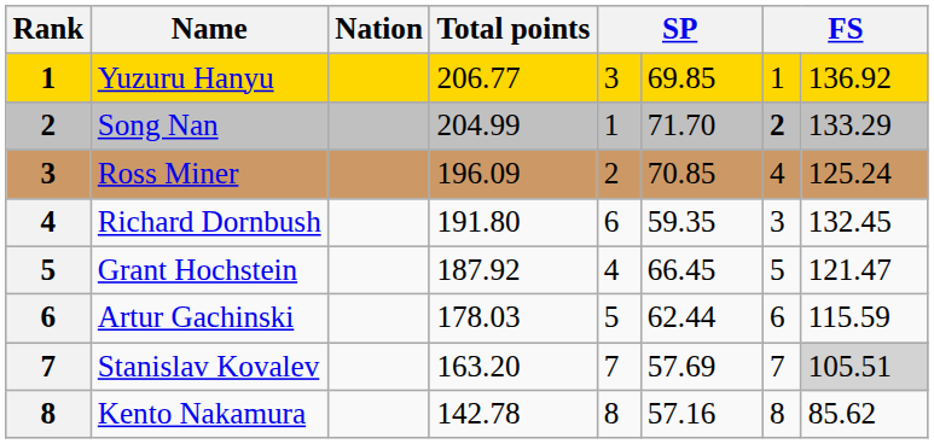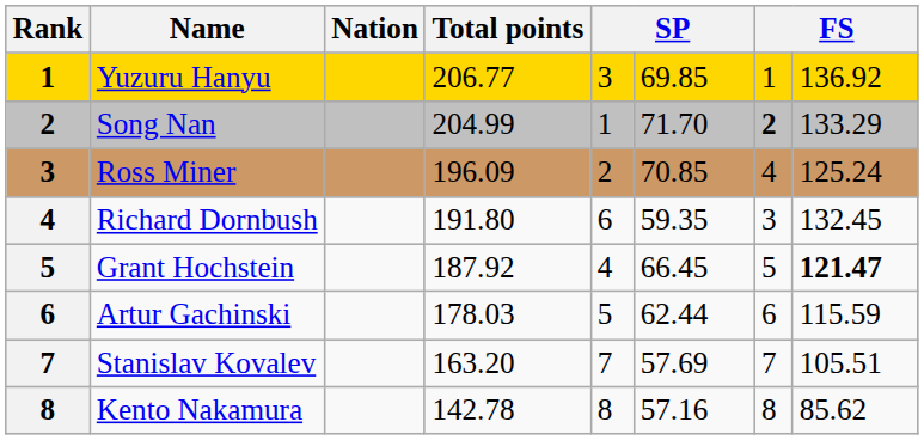 <table class="wikitable sortable">
 <tr>
 <th>Rank</th>
 <th>Name</th>
 <th>Nation</th>
 <th>Total points</th>
 <th colspan="2" width="80px"><a href='#'>SP</a></th>
 <th colspan="2" width="80px"><a href='#'>FS</a></th>
 </tr>
 <tr bgcolor="gold">
 <td align="center"><strong>1</strong></td>
 <td><a href='#'>Yuzuru Hanyu</a></td>
 <td></td>
 <td>206.77</td>
 <td>3</td>
 <td>69.85</td>
 <td>1</td>
 <td>136.92</td>
 </tr>
 <tr bgcolor="silver">
 <td align="center"><strong>2</strong></td>
 <td><a href='#'>Song Nan</a></td>
 <td></td>
 <td>204.99</td>
 <td>1</td>
 <td>71.70</td>
 <td><strong>2</strong></td>
 <td>133.29</td>
 </tr>
 <tr bgcolor="cc9966">
 <td align="center"><strong>3</strong></td>
 <td><a href='#'>Ross Miner</a></td>
 <td></td>
 <td>196.09</td>
 <td>2</td>
 <td>70.85</td>
 <td>4</td>
 <td>125.24</td>
 </tr>
 <tr>
 <th>4</th>
 <td><a href='#'>Richard Dornbush</a></td>
 <td></td>
 <td>191.80</td>
 <td>6</td>
 <td>59.35</td>
 <td>3</td>
 <td>132.45</td>
 </tr>
 <tr>
 <th>5</th>
 <td><a href='#'>Grant Hochstein</a></td>
 <td></td>
 <td>187.92</td>
 <td>4</td>
 <td>66.45</td>
 <td>5</td>
-<td>121.47</td>
+<td><strong>121.47</strong></td>
 </tr>
 <tr>
 <th>6</th>
 <td><a href='#'>Artur Gachinski</a></td>
 <td></td>
 <td>178.03</td>
 <td>5</td>
 <td>62.44</td>
 <td>6</td>
 <td>115.59</td>
 </tr>
 <tr>
 <th>7</th>
 <td><a href='#'>Stanislav Kovalev</a></td>
 <td></td>
 <td>163.20</td>
 <td>7</td>
 <td>57.69</td>
 <td>7</td>
-<td style="background: lightgrey;">105.51</td>
+<td>105.51</td>
 </tr>
 <tr>
 <th>8</th>
 <td><a href='#'>Kento Nakamura</a></td>
 <td></td>
 <td>142.78</td>
 <td>8</td>
 <td>57.16</td>
 <td>8</td>
 <td>85.62</td>
 </tr>
 </table>
